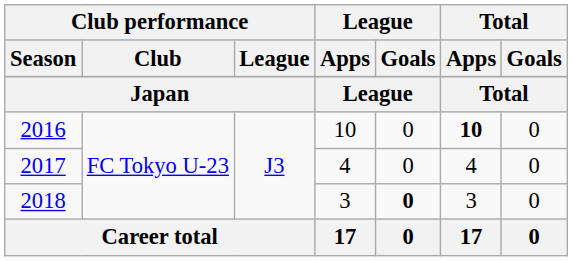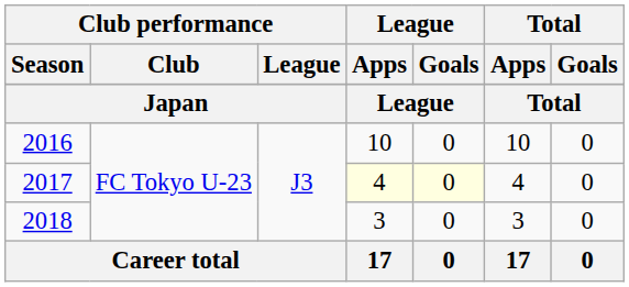 <table class="wikitable" style="text-align:center">
 <tr>
 <th colspan=3>Club performance</th>
 <th colspan=2>League</th>
 <th colspan=2>Total</th>
 </tr>
 <tr>
 <th>Season</th>
 <th>Club</th>
 <th>League</th>
 <th>Apps</th>
 <th>Goals</th>
 <th>Apps</th>
 <th>Goals</th>
 </tr>
 <tr>
 </tr>
 <tr>
 <th colspan=3>Japan</th>
 <th colspan=2>League</th>
 <th colspan=2>Total</th>
 </tr>
 <tr>
 <td><a href='#'>2016</a></td>
 <td rowspan=3><a href='#'>FC Tokyo U-23</a></td>
 <td rowspan=3><a href='#'>J3</a></td>
 <td>10</td>
 <td>0</td>
-<td><strong>10</strong></td>
+<td>10</td>
 <td>0</td>
 </tr>
 <tr>
 <td><a href='#'>2017</a></td>
-<td>4</td>
-<td>0</td>
+<td style="background: lightyellow;">4</td>
+<td style="background: lightyellow;">0</td>
 <td>4</td>
 <td>0</td>
 </tr>
 <tr>
 <td><a href='#'>2018</a></td>
 <td>3</td>
-<td><strong>0</strong></td>
+<td>0</td>
 <td>3</td>
 <td>0</td>
 </tr>
 <tr>
 <th colspan=3>Career total</th>
 <th>17</th>
 <th>0</th>
 <th>17</th>
 <th>0</th>
 </tr>
 </table>
